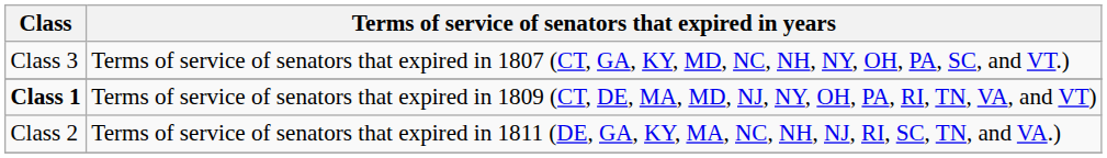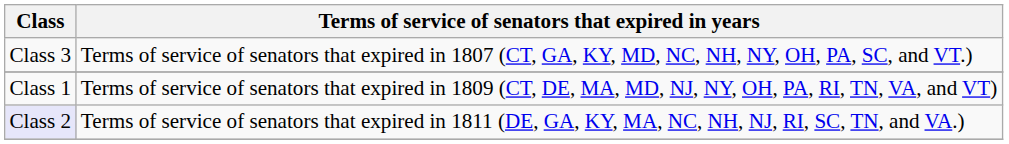 <table class="wikitable sortable">
 <tr valign=bottom>
 <th>Class</th>
 <th>Terms of service of senators that expired in years</th>
 </tr>
 <tr>
 <td>Class 3</td>
 <td>Terms of service of senators that expired in 1807 (<a href='#'>CT</a>, <a href='#'>GA</a>, <a href='#'>KY</a>, <a href='#'>MD</a>, <a href='#'>NC</a>, <a href='#'>NH</a>, <a href='#'>NY</a>, <a href='#'>OH</a>, <a href='#'>PA</a>, <a href='#'>SC</a>, and <a href='#'>VT</a>.)</td>
 </tr>
 <tr>
 </tr>
 <tr>
-<td><strong>Class 1</strong></td>
+<td>Class 1</td>
 <td>Terms of service of senators that expired in 1809 (<a href='#'>CT</a>, <a href='#'>DE</a>, <a href='#'>MA</a>, <a href='#'>MD</a>, <a href='#'>NJ</a>, <a href='#'>NY</a>, <a href='#'>OH</a>, <a href='#'>PA</a>, <a href='#'>RI</a>, <a href='#'>TN</a>, <a href='#'>VA</a>, and <a href='#'>VT</a>)</td>
 </tr>
 <tr>
-<td>Class 2</td>
+<td style="background: lavender;">Class 2</td>
 <td>Terms of service of senators that expired in 1811 (<a href='#'>DE</a>, <a href='#'>GA</a>, <a href='#'>KY</a>, <a href='#'>MA</a>, <a href='#'>NC</a>, <a href='#'>NH</a>, <a href='#'>NJ</a>, <a href='#'>RI</a>, <a href='#'>SC</a>, <a href='#'>TN</a>, and <a href='#'>VA</a>.)</td>
 </tr>
 <tr>
 </tr>
 </table>
